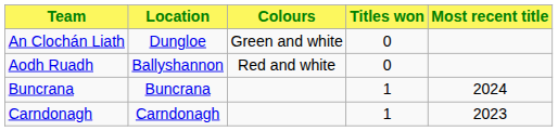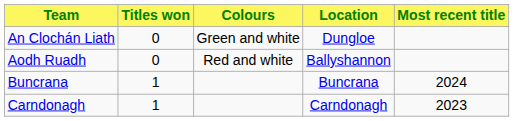 <table class="wikitable sortable" style="text-align:center;">
 <tr>
 <th style="background:#FCF75E;color:green;">Team</th>
+<th style="background:#FCF75E;color:green;">Titles won</th>
+<th style="background:#FCF75E;color:green;">Colours</th>
 <th style="background:#FCF75E;color:green;">Location</th>
-<th style="background:#FCF75E;color:green;">Colours</th>
-<th style="background:#FCF75E;color:green;">Titles won</th>
 <th style="background:#FCF75E;color:green;">Most recent title</th>
 </tr>
 <tr>
 <td style="text-align:left"> <a href='#'>An Clochán Liath</a></td>
+<td>0</td>
+<td>Green and white</td>
 <td><a href='#'>Dungloe</a></td>
-<td>Green and white</td>
-<td>0</td>
 <td></td>
 </tr>
 <tr>
 <td style="text-align:left"> <a href='#'>Aodh Ruadh</a></td>
+<td>0</td>
+<td>Red and white</td>
 <td><a href='#'>Ballyshannon</a></td>
-<td>Red and white</td>
-<td>0</td>
 <td></td>
 </tr>
 <tr>
 <td style="text-align:left"> <a href='#'>Buncrana</a></td>
+<td>1</td>
+<td></td>
 <td><a href='#'>Buncrana</a></td>
-<td></td>
-<td>1</td>
 <td>2024</td>
 </tr>
 <tr>
 <td style="text-align:left"> <a href='#'>Carndonagh</a></td>
+<td>1</td>
+<td></td>
 <td><a href='#'>Carndonagh</a></td>
-<td></td>
-<td>1</td>
 <td>2023</td>
 </tr>
 </table>
